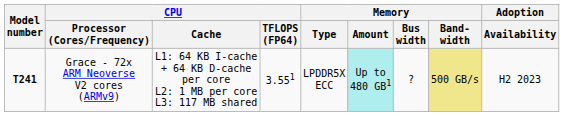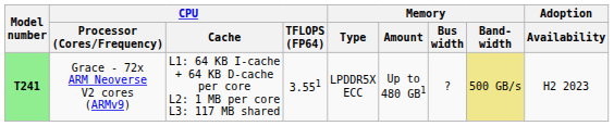 <table class="wikitable" style="text-align:center;">
 <tr>
 <th rowspan="2">Model<br>number</th>
 <th colspan="3"><a href='#'>CPU</a> </th>
 <th colspan="4">Memory</th>
 <th>Adoption</th>
 </tr>
 <tr>
 <th>Processor<br>(Cores/Frequency)</th>
 <th>Cache</th>
 <th>TFLOPS<br>(FP64)</th>
 <th>Type</th>
 <th>Amount</th>
 <th>Bus<br>width</th>
 <th>Band-<br>width</th>
 <th>Availability</th>
 </tr>
 <tr>
-<td><strong>T241</strong></td>
+<td style="background: lightgreen;"><strong>T241</strong></td>
 <td>Grace - 72x <br><a href='#'>ARM Neoverse</a> <br>V2 cores <br>(<a href='#'>ARMv9</a>)</td>
 <td>L1: 64 KB I-cache <br>+ 64 KB D-cache <br>per core<br>L2: 1 MB per core<br>L3: 117 MB shared</td>
 <td>3.55<sup>1</sup></td>
 <td>LPDDR5X <br>ECC</td>
-<td style="background: paleturquoise;">Up to <br>480 GB<sup>1</sup></td>
+<td>Up to <br>480 GB<sup>1</sup></td>
 <td>?</td>
 <td style="background: khaki;">500 GB/s</td>
 <td>H2 2023</td>
 </tr>
 </table>
